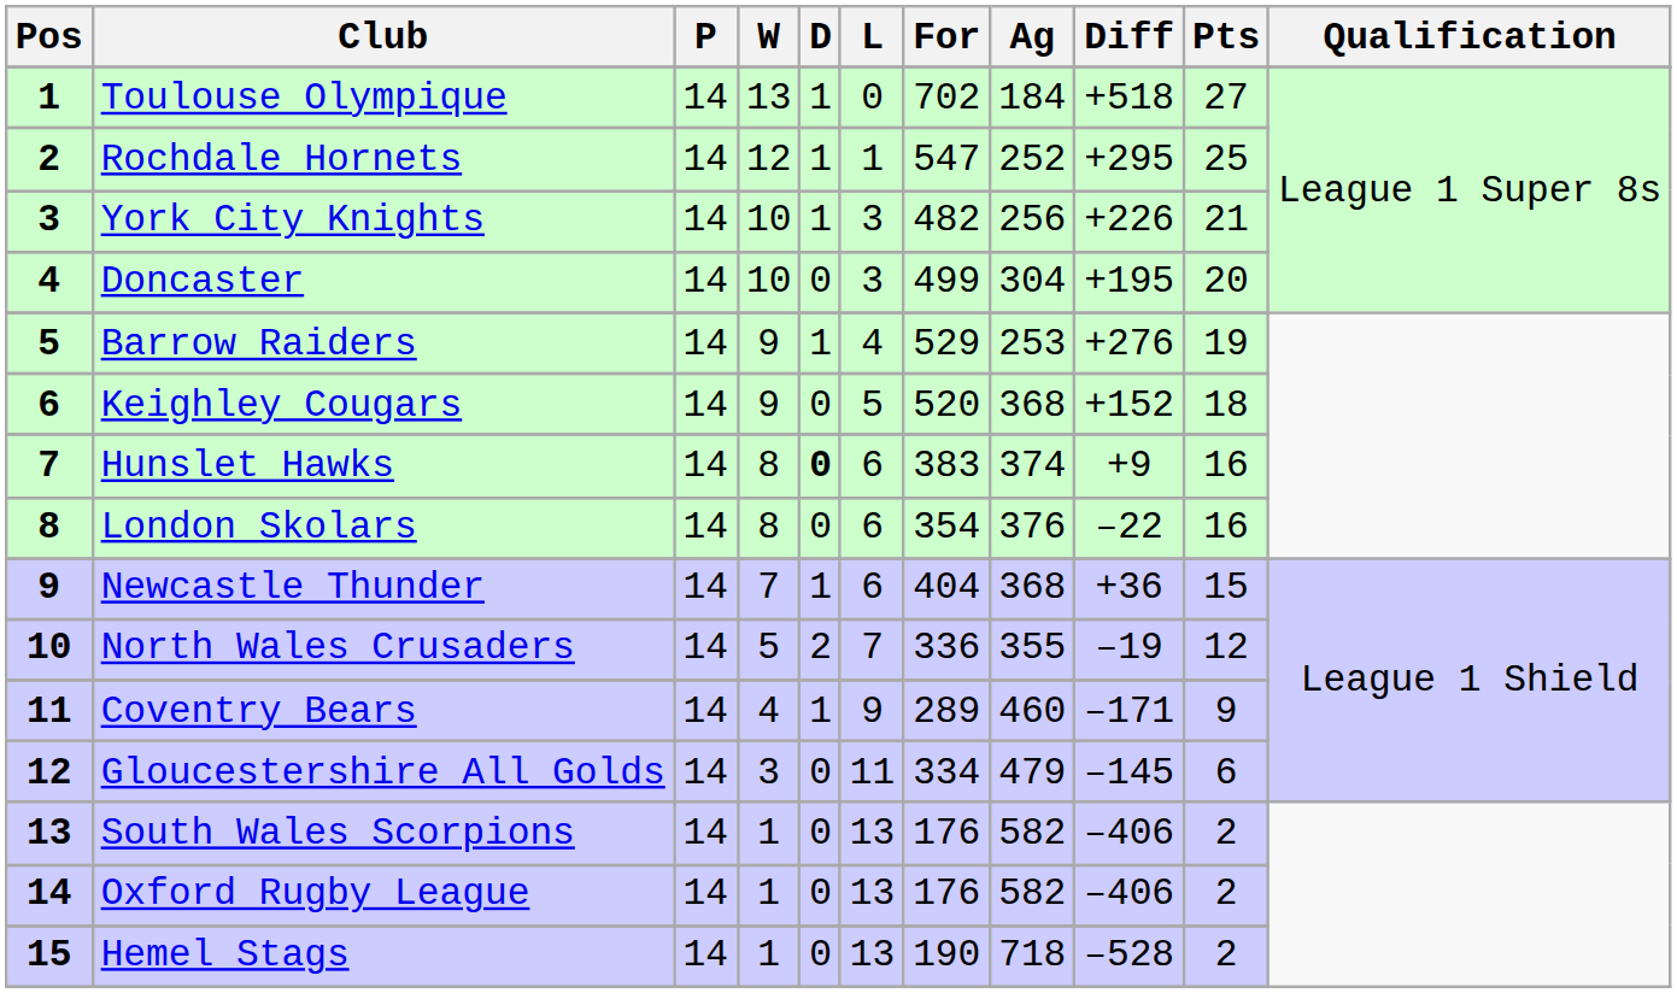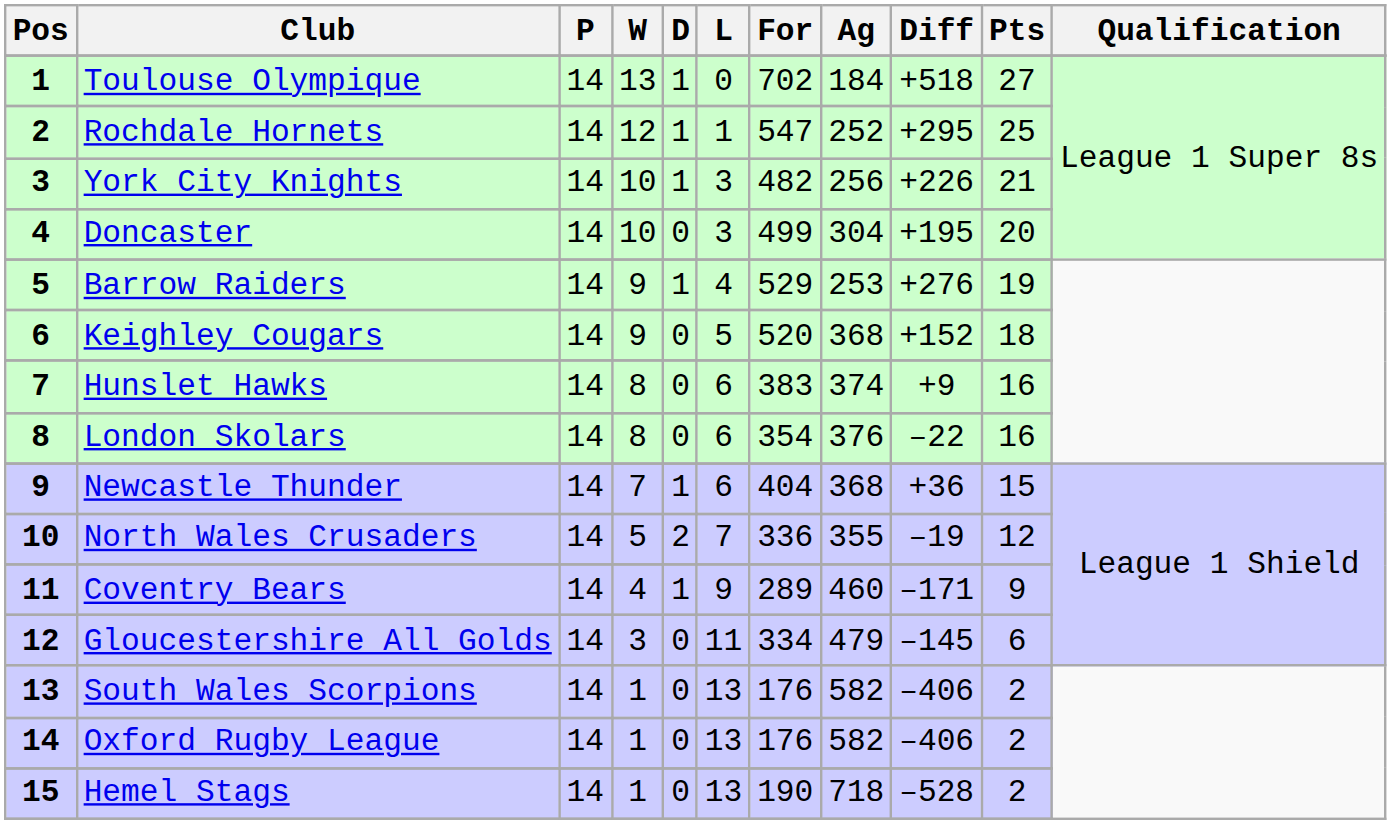 <table class="wikitable" style="text-align:center;">
 <tr>
 <th>Pos</th>
 <th>Club</th>
 <th>P</th>
 <th>W</th>
 <th>D</th>
 <th>L</th>
 <th>For</th>
 <th>Ag</th>
 <th>Diff</th>
 <th>Pts</th>
 <th>Qualification</th>
 </tr>
 <tr --->
 </tr>
 <tr align=center style="background:#ccffcc;">
 <td><strong>1</strong></td>
 <td style="text-align:left;"> <a href='#'>Toulouse Olympique</a></td>
 <td>14</td>
 <td>13</td>
 <td>1</td>
 <td>0</td>
 <td>702</td>
 <td>184</td>
 <td>+518</td>
 <td>27</td>
 <td rowspan=8>League 1 Super 8s</td>
 </tr>
 <tr --->
 </tr>
 <tr align=center style="background:#ccffcc;">
 <td><strong>2</strong></td>
 <td style="text-align:left;"> <a href='#'>Rochdale Hornets</a></td>
 <td>14</td>
 <td>12</td>
 <td>1</td>
 <td>1</td>
 <td>547</td>
 <td>252</td>
 <td>+295</td>
 <td>25</td>
 </tr>
 <tr --->
 </tr>
 <tr align=center style="background:#ccffcc;">
 <td><strong>3</strong></td>
 <td style="text-align:left;"> <a href='#'>York City Knights</a></td>
 <td>14</td>
 <td>10</td>
 <td>1</td>
 <td>3</td>
 <td>482</td>
 <td>256</td>
 <td>+226</td>
 <td>21</td>
 </tr>
 <tr --->
 </tr>
 <tr align=center style="background:#ccffcc;">
 <td><strong>4</strong></td>
 <td style="text-align:left;"> <a href='#'>Doncaster</a></td>
 <td>14</td>
 <td>10</td>
 <td>0</td>
 <td>3</td>
 <td>499</td>
 <td>304</td>
 <td>+195</td>
 <td>20</td>
 </tr>
 <tr --->
 </tr>
 <tr align=center style="background:#ccffcc;">
 <td><strong>5</strong></td>
 <td style="text-align:left;"> <a href='#'>Barrow Raiders</a></td>
 <td>14</td>
 <td>9</td>
 <td>1</td>
 <td>4</td>
 <td>529</td>
 <td>253</td>
 <td>+276</td>
 <td>19</td>
 </tr>
 <tr --->
 </tr>
 <tr align=center style="background:#ccffcc">
 <td><strong>6</strong></td>
 <td style="text-align:left;"> <a href='#'>Keighley Cougars</a></td>
 <td>14</td>
 <td>9</td>
 <td>0</td>
 <td>5</td>
 <td>520</td>
 <td>368</td>
 <td>+152</td>
 <td>18</td>
 </tr>
 <tr --->
 </tr>
 <tr align=center style="background:#ccffcc">
 <td><strong>7</strong></td>
 <td style="text-align:left;"> <a href='#'>Hunslet Hawks</a></td>
 <td>14</td>
 <td>8</td>
-<td><strong>0</strong></td>
+<td>0</td>
 <td>6</td>
 <td>383</td>
 <td>374</td>
 <td>+9</td>
 <td>16</td>
 </tr>
 <tr --->
 </tr>
 <tr align=center style="background:#ccffcc">
 <td><strong>8</strong></td>
 <td style="text-align:left;"> <a href='#'>London Skolars</a></td>
 <td>14</td>
 <td>8</td>
 <td>0</td>
 <td>6</td>
 <td>354</td>
 <td>376</td>
 <td>–22</td>
 <td>16</td>
 </tr>
 <tr --->
 </tr>
 <tr align=center style="background:#ccccff;">
 <td><strong>9</strong></td>
 <td style="text-align:left;"> <a href='#'>Newcastle Thunder</a></td>
 <td>14</td>
 <td>7</td>
 <td>1</td>
 <td>6</td>
 <td>404</td>
 <td>368</td>
 <td>+36</td>
 <td>15</td>
 <td rowspan=7>League 1 Shield</td>
 </tr>
 <tr --->
 </tr>
 <tr align=center style="background:#ccccff;">
 <td><strong>10</strong></td>
 <td style="text-align:left;"> <a href='#'>North Wales Crusaders</a></td>
 <td>14</td>
 <td>5</td>
 <td>2</td>
 <td>7</td>
 <td>336</td>
 <td>355</td>
 <td>–19</td>
 <td>12</td>
 </tr>
 <tr --->
 </tr>
 <tr align=center style="background:#ccccff;">
 <td><strong>11</strong></td>
 <td style="text-align:left;"> <a href='#'>Coventry Bears</a></td>
 <td>14</td>
 <td>4</td>
 <td>1</td>
 <td>9</td>
 <td>289</td>
 <td>460</td>
 <td>–171</td>
 <td>9</td>
 </tr>
 <tr --->
 </tr>
 <tr align=center style="background:#ccccff;">
 <td><strong>12</strong></td>
 <td style="text-align:left;"> <a href='#'>Gloucestershire All Golds</a></td>
 <td>14</td>
 <td>3</td>
 <td>0</td>
 <td>11</td>
 <td>334</td>
 <td>479</td>
 <td>–145</td>
 <td>6</td>
 </tr>
 <tr --->
 </tr>
 <tr align=center style="background:#ccccff;">
 <td><strong>13</strong></td>
 <td style="text-align:left;"> <a href='#'>South Wales Scorpions</a></td>
 <td>14</td>
 <td>1</td>
 <td>0</td>
 <td>13</td>
 <td>176</td>
 <td>582</td>
 <td>–406</td>
 <td>2</td>
 </tr>
 <tr --->
 </tr>
 <tr align=center style="background:#ccccff">
 <td><strong>14</strong></td>
 <td style="text-align:left;"> <a href='#'>Oxford Rugby League</a></td>
 <td>14</td>
 <td>1</td>
 <td>0</td>
 <td>13</td>
 <td>176</td>
 <td>582</td>
 <td>–406</td>
 <td>2</td>
 </tr>
 <tr --->
 </tr>
 <tr align=center style="background:#ccccff">
 <td><strong>15</strong></td>
 <td style="text-align:left;"> <a href='#'>Hemel Stags</a></td>
 <td>14</td>
 <td>1</td>
 <td>0</td>
 <td>13</td>
 <td>190</td>
 <td>718</td>
 <td>–528</td>
 <td>2</td>
 </tr>
 <tr --->
 </tr>
 </table>
